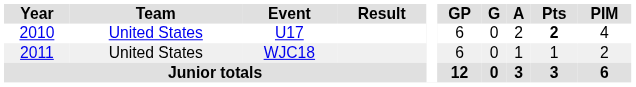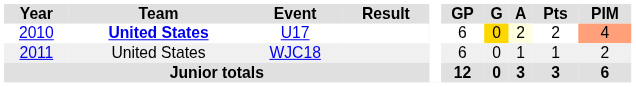 <table border="0" cellpadding="1" cellspacing="0" style="text-align:center; width:40em">
 <tr ALIGN="center" bgcolor="#e0e0e0">
 <th>Year</th>
 <th>Team</th>
 <th>Event</th>
 <th>Result</th>
 <th rowspan="99" bgcolor="#ffffff"> </th>
 <th>GP</th>
 <th>G</th>
 <th>A</th>
 <th>Pts</th>
 <th>PIM</th>
 </tr>
 <tr ALIGN="center">
 <td><a href='#'>2010</a></td>
-<td><a href='#'>United States</a></td>
+<td><strong><a href='#'>United States</a></strong></td>
 <td><a href='#'>U17</a></td>
 <td></td>
 <td>6</td>
-<td>0</td>
+<td style="background: gold;">0</td>
+<td style="background: lightyellow;">2</td>
 <td>2</td>
-<td><strong>2</strong></td>
-<td>4</td>
+<td style="background: lightsalmon;">4</td>
 </tr>
 <tr ALIGN="center" bgcolor="#f0f0f0">
 <td><a href='#'>2011</a></td>
 <td>United States</td>
 <td><a href='#'>WJC18</a></td>
 <td></td>
 <td>6</td>
 <td>0</td>
 <td>1</td>
 <td>1</td>
 <td>2</td>
 </tr>
 <tr bgcolor="#e0e0e0">
 <th colspan="4">Junior totals</th>
 <th>12</th>
 <th>0</th>
 <th>3</th>
 <th>3</th>
 <th>6</th>
 </tr>
 </table>
